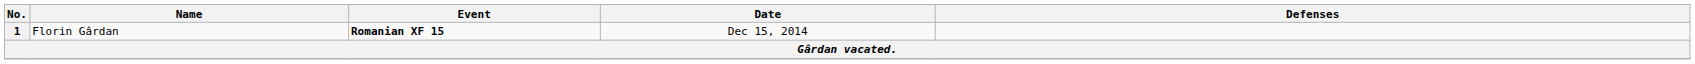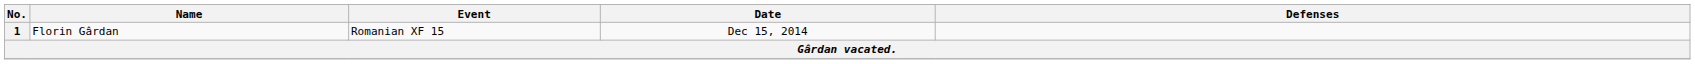 <table class="wikitable" width=100%>
 <tr>
 <th width=1%>No.</th>
 <th width=19%>Name</th>
 <th width=15%>Event</th>
 <th width=20%>Date</th>
 <th width=45%>Defenses</th>
 </tr>
 <tr>
 <th>1</th>
 <td> Florin Gârdan <br></td>
-<td><strong>Romanian XF 15 <br></strong></td>
+<td>Romanian XF 15 <br></td>
 <td align=center>Dec 15, 2014</td>
 <td><br></td>
 </tr>
 <tr>
 <th colspan=5 align=center><em>Gârdan vacated.</em></th>
 </tr>
 <tr>
 </tr>
 </table>
